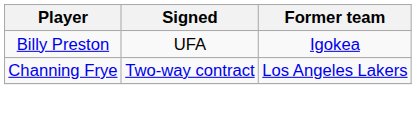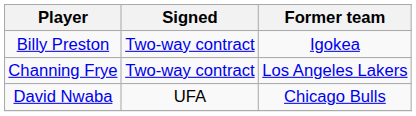 <table class="wikitable sortable sortable" style="text-align: center">
 <tr>
 <th>Player</th>
 <th>Signed</th>
 <th>Former team</th>
 </tr>
 <tr>
 <td><a href='#'>Billy Preston</a></td>
-<td>UFA</td>
+<td><a href='#'>Two-way contract</a></td>
 <td> <a href='#'>Igokea</a></td>
 </tr>
 <tr>
 <td><a href='#'>Channing Frye</a></td>
 <td><a href='#'>Two-way contract</a></td>
 <td><a href='#'>Los Angeles Lakers</a></td>
 </tr>
 <tr>
+<td><a href='#'>David Nwaba</a></td>
+<td>UFA</td>
+<td><a href='#'>Chicago Bulls</a></td>
+</tr>
+<tr>
 </tr>
 </table>
